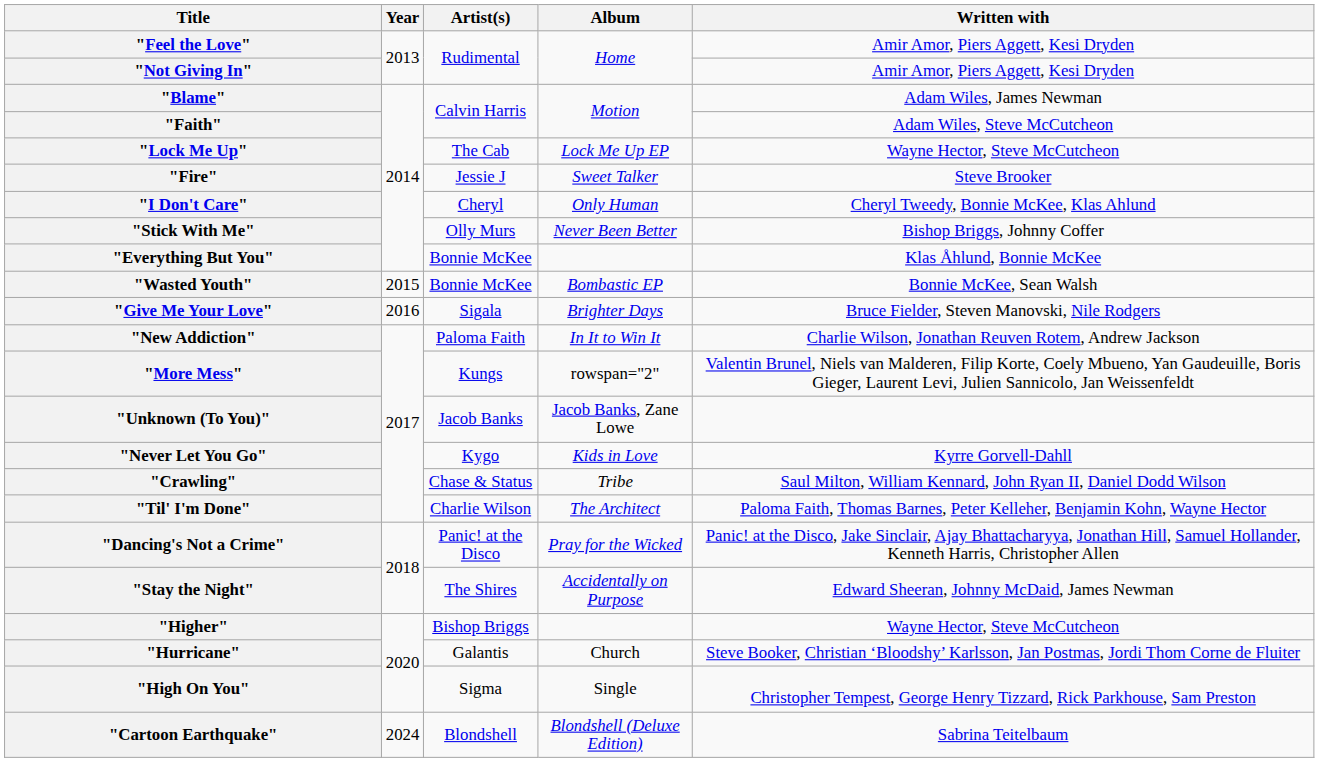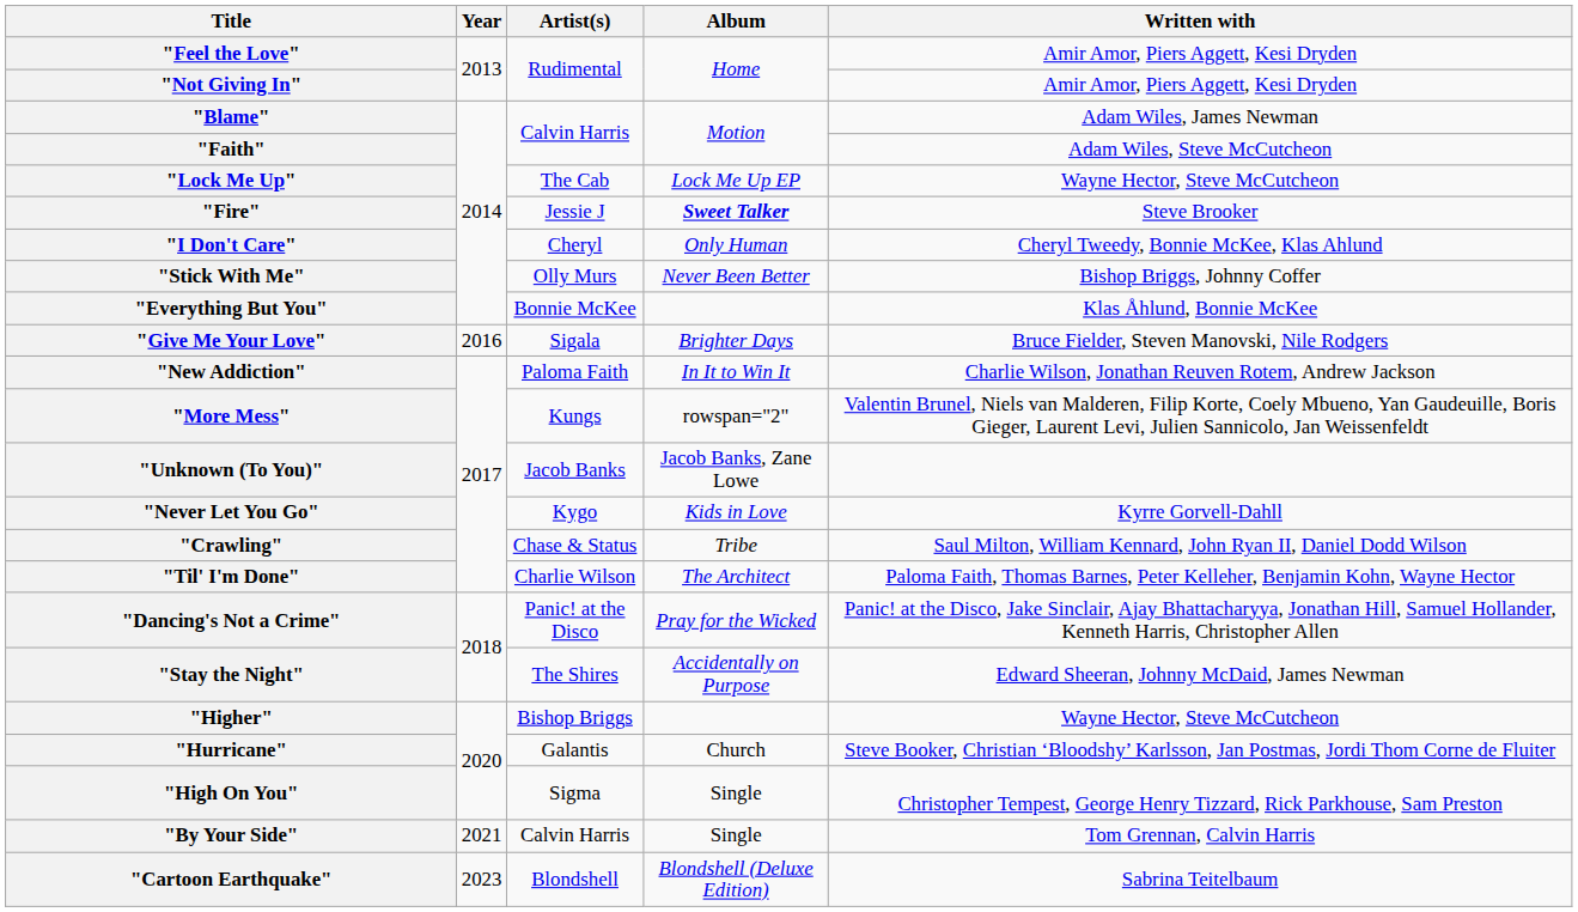 <table class="wikitable plainrowheaders" style="text-align:center;">
 <tr>
 <th scope="col" style="width:22em;">Title</th>
 <th scope="col" style="width:1em;">Year</th>
 <th scope="col">Artist(s)</th>
 <th scope="col">Album</th>
 <th scope="col">Written with</th>
 </tr>
 <tr>
 <th scope="row">"<a href='#'>Feel the Love</a>"<br></th>
 <td rowspan="2">2013</td>
 <td rowspan="2"><a href='#'>Rudimental</a></td>
 <td rowspan="2"><em><a href='#'>Home</a></em></td>
 <td><a href='#'>Amir Amor</a>, <a href='#'>Piers Aggett</a>, <a href='#'>Kesi Dryden</a></td>
 </tr>
 <tr>
 <th scope="row">"<a href='#'>Not Giving In</a>"<br></th>
 <td><a href='#'>Amir Amor</a>, <a href='#'>Piers Aggett</a>, <a href='#'>Kesi Dryden</a></td>
 </tr>
 <tr>
 <th scope="row">"<a href='#'>Blame</a>"<br></th>
 <td rowspan="7">2014</td>
 <td rowspan="2"><a href='#'>Calvin Harris</a></td>
 <td rowspan="2"><em><a href='#'>Motion</a></em></td>
 <td><a href='#'>Adam Wiles</a>, James Newman</td>
 </tr>
 <tr>
 <th scope="row">"Faith"</th>
 <td><a href='#'>Adam Wiles</a>, <a href='#'>Steve McCutcheon</a></td>
 </tr>
 <tr>
 <th scope="row">"<a href='#'>Lock Me Up</a>"</th>
 <td><a href='#'>The Cab</a></td>
 <td><em><a href='#'>Lock Me Up EP</a></em></td>
 <td><a href='#'>Wayne Hector</a>, <a href='#'>Steve McCutcheon</a></td>
 </tr>
 <tr>
 <th scope="row">"Fire"</th>
 <td><a href='#'>Jessie J</a></td>
-<td><em><a href='#'>Sweet Talker</a></em></td>
+<td><strong><em><a href='#'>Sweet Talker</a></em></strong></td>
 <td><a href='#'>Steve Brooker</a></td>
 </tr>
 <tr>
 <th scope="row">"<a href='#'>I Don't Care</a>"</th>
 <td><a href='#'>Cheryl</a></td>
 <td><em><a href='#'>Only Human</a></em></td>
 <td><a href='#'>Cheryl Tweedy</a>, <a href='#'>Bonnie McKee</a>, <a href='#'>Klas Ahlund</a></td>
 </tr>
 <tr>
 <th scope="row">"Stick With Me"</th>
 <td><a href='#'>Olly Murs</a></td>
 <td><em><a href='#'>Never Been Better</a></em></td>
 <td><a href='#'>Bishop Briggs</a>, Johnny Coffer</td>
 </tr>
 <tr>
 <th scope="row">"Everything But You"</th>
 <td><a href='#'>Bonnie McKee</a></td>
 <td></td>
 <td><a href='#'>Klas Åhlund</a>, <a href='#'>Bonnie McKee</a></td>
-</tr>
-<tr>
-<th scope="row">"Wasted Youth"</th>
-<td>2015</td>
-<td><a href='#'>Bonnie McKee</a></td>
-<td><em><a href='#'>Bombastic EP</a></em></td>
-<td><a href='#'>Bonnie McKee</a>, Sean Walsh</td>
 </tr>
 <tr>
 <th scope="row">"<a href='#'>Give Me Your Love</a>"<br></th>
 <td>2016</td>
 <td><a href='#'>Sigala</a></td>
 <td><em><a href='#'>Brighter Days</a></em></td>
 <td><a href='#'>Bruce Fielder</a>, Steven Manovski, <a href='#'>Nile Rodgers</a></td>
 </tr>
 <tr>
 <th scope="row">"New Addiction"</th>
 <td rowspan="6">2017</td>
 <td><a href='#'>Paloma Faith</a></td>
 <td><em><a href='#'>In It to Win It</a></em></td>
 <td><a href='#'>Charlie Wilson</a>, <a href='#'>Jonathan Reuven Rotem</a>, Andrew Jackson</td>
 </tr>
 <tr>
 <th scope="row">"<a href='#'>More Mess</a>"<br></th>
 <td><a href='#'>Kungs</a></td>
 <td>rowspan="2" </td>
 <td><a href='#'>Valentin Brunel</a>, Niels van Malderen, Filip Korte, Coely Mbueno, Yan Gaudeuille, Boris Gieger, Laurent Levi, Julien Sannicolo, Jan Weissenfeldt</td>
 </tr>
 <tr>
 <th scope="row">"Unknown (To You)"</th>
 <td><a href='#'>Jacob Banks</a></td>
 <td><a href='#'>Jacob Banks</a>, Zane Lowe</td>
 </tr>
 <tr>
 <th scope="row">"Never Let You Go"<br></th>
 <td><a href='#'>Kygo</a></td>
 <td><em><a href='#'>Kids in Love</a></em></td>
 <td><a href='#'>Kyrre Gorvell-Dahll</a></td>
 </tr>
 <tr>
 <th scope="row">"Crawling"</th>
 <td><a href='#'>Chase & Status</a></td>
 <td><em>Tribe</em></td>
 <td><a href='#'>Saul Milton</a>, <a href='#'>William Kennard</a>, <a href='#'>John Ryan II</a>, <a href='#'>Daniel Dodd Wilson</a></td>
 </tr>
 <tr>
 <th scope="row">"Til' I'm Done"</th>
 <td><a href='#'>Charlie Wilson</a></td>
 <td><em><a href='#'>The Architect</a></em></td>
 <td><a href='#'>Paloma Faith</a>, <a href='#'>Thomas Barnes</a>, <a href='#'>Peter Kelleher</a>, <a href='#'>Benjamin Kohn</a>, <a href='#'>Wayne Hector</a></td>
 </tr>
 <tr>
 <th scope="row">"Dancing's Not a Crime"</th>
 <td rowspan="2">2018</td>
 <td><a href='#'>Panic! at the Disco</a></td>
 <td><em><a href='#'>Pray for the Wicked</a></em></td>
 <td><a href='#'>Panic! at the Disco</a>, <a href='#'>Jake Sinclair</a>, <a href='#'>Ajay Bhattacharyya</a>, <a href='#'>Jonathan Hill</a>, <a href='#'>Samuel Hollander</a>, Kenneth Harris, Christopher Allen</td>
 </tr>
 <tr>
 <th scope="row">"Stay the Night"</th>
 <td><a href='#'>The Shires</a></td>
 <td><em><a href='#'>Accidentally on Purpose</a></em></td>
 <td><a href='#'>Edward Sheeran</a>, <a href='#'>Johnny McDaid</a>, James Newman</td>
 </tr>
 <tr>
 <th scope="row">"Higher"</th>
 <td rowspan="3">2020</td>
 <td><a href='#'>Bishop Briggs</a></td>
 <td></td>
 <td><a href='#'>Wayne Hector</a>, <a href='#'>Steve McCutcheon</a></td>
 </tr>
 <tr>
 <th scope="row">"Hurricane"<br></th>
 <td>Galantis</td>
 <td>Church</td>
 <td><a href='#'>Steve Booker</a>, <a href='#'>Christian ‘Bloodshy’ Karlsson</a>, <a href='#'>Jan Postmas</a>, <a href='#'>Jordi Thom Corne de Fluiter</a></td>
 </tr>
 <tr>
 <th scope="row">"High On You"<br></th>
 <td>Sigma</td>
 <td>Single</td>
 <td><br><a href='#'>Christopher Tempest</a>, <a href='#'>George Henry Tizzard</a>, <a href='#'>Rick Parkhouse</a>, <a href='#'>Sam Preston</a></td>
 </tr>
 <tr>
+<th scope="row">"By Your Side"<br></th>
+<td>2021</td>
+<td>Calvin Harris</td>
+<td>Single</td>
+<td><a href='#'>Tom Grennan</a>, <a href='#'>Calvin Harris</a></td>
+</tr>
+<tr>
 <th scope="row">"Cartoon Earthquake"</th>
-<td>2024</td>
+<td>2023</td>
 <td><a href='#'>Blondshell</a></td>
 <td><a href='#'><em>Blondshell (Deluxe Edition)</em></a></td>
 <td><a href='#'>Sabrina Teitelbaum</a></td>
 </tr>
 </table>
